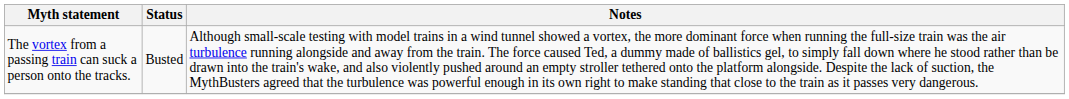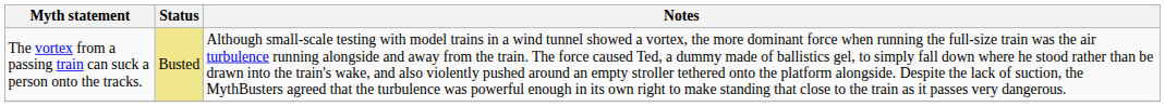 <table class="wikitable plainrowheaders">
 <tr>
 <th>Myth statement</th>
 <th>Status</th>
 <th>Notes</th>
 </tr>
 <tr>
 <td>The <a href='#'>vortex</a> from a passing <a href='#'>train</a> can suck a person onto the tracks.</td>
-<td><span> Busted </span></td>
+<td style="background: khaki;"><span> Busted </span></td>
 <td>Although small-scale testing with model trains in a wind tunnel showed a vortex, the more dominant force when running the full-size train was the air <a href='#'>turbulence</a> running alongside and away from the train. The force caused Ted, a dummy made of ballistics gel, to simply fall down where he stood rather than be drawn into the train's wake, and also violently pushed around an empty stroller tethered onto the platform alongside. Despite the lack of suction, the MythBusters agreed that the turbulence was powerful enough in its own right to make standing that close to the train as it passes very dangerous.</td>
 </tr>
 <tr>
 </tr>
 </table>
